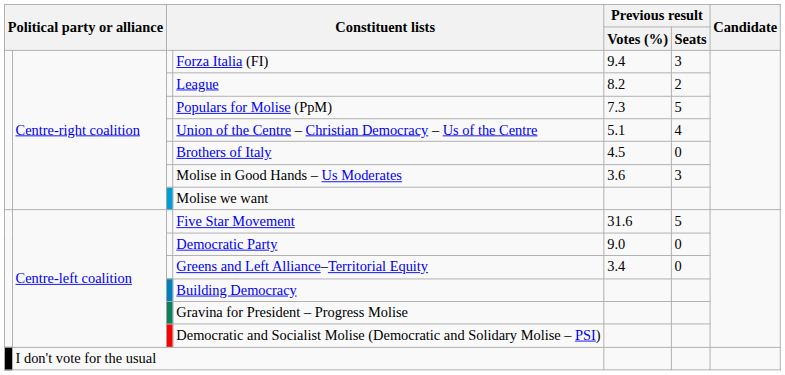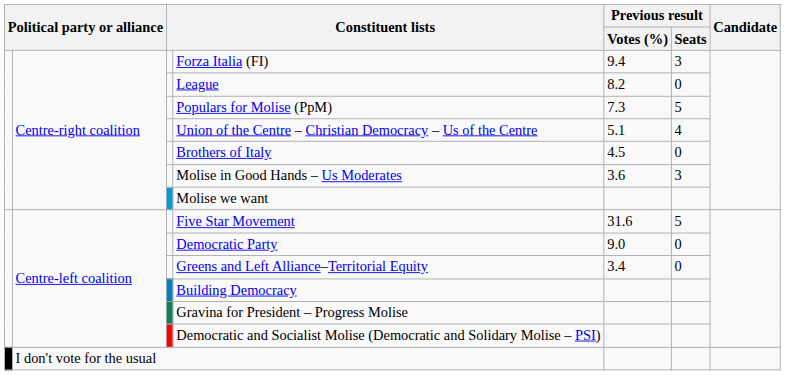 <table class="wikitable" style="text-align:left">
 <tr>
 <th colspan=2 rowspan="2">Political party or alliance</th>
 <th colspan=2 rowspan="2">Constituent lists</th>
 <th colspan="2">Previous result</th>
 <th colspan="2" rowspan="2">Candidate</th>
 </tr>
 <tr>
 <th>Votes (%)</th>
 <th>Seats</th>
 </tr>
 <tr>
 <td rowspan="7" style="background:"></td>
 <td rowspan=7><a href='#'>Centre-right coalition</a></td>
 <td></td>
 <td style="text-align:left;"><a href='#'>Forza Italia</a> (FI)</td>
 <td>9.4</td>
 <td>3</td>
 <td rowspan="7"></td>
 </tr>
 <tr>
 <td></td>
 <td style="text-align:left;"><a href='#'>League</a></td>
 <td>8.2</td>
-<td>2</td>
+<td>0</td>
 </tr>
 <tr>
 <td></td>
 <td style="text-align:left;"><a href='#'>Populars for Molise</a> (PpM)</td>
 <td>7.3</td>
 <td>5</td>
 </tr>
 <tr>
 <td></td>
 <td style="text-align:left;"><a href='#'>Union of the Centre</a> – <a href='#'>Christian Democracy</a> – <a href='#'>Us of the Centre</a></td>
 <td>5.1</td>
 <td>4</td>
 </tr>
 <tr>
 <td></td>
 <td style="text-align:left;"><a href='#'>Brothers of Italy</a></td>
 <td>4.5</td>
 <td>0</td>
 </tr>
 <tr>
 <td></td>
 <td style="text-align:left;">Molise in Good Hands – <a href='#'>Us Moderates</a></td>
 <td>3.6</td>
 <td>3</td>
 </tr>
 <tr>
 <td bgcolor="#009ed2"></td>
 <td style="text-align:left;">Molise we want</td>
 <td></td>
 <td></td>
 </tr>
 <tr>
 <td rowspan="6"></td>
 <td rowspan=6><a href='#'>Centre-left coalition</a></td>
 <td style="background-color:"></td>
 <td><a href='#'>Five Star Movement</a></td>
 <td>31.6</td>
 <td>5</td>
 <td rowspan="6"></td>
 </tr>
 <tr>
 <td></td>
 <td style="text-align:left;"><a href='#'>Democratic Party</a></td>
 <td>9.0</td>
 <td>0</td>
 </tr>
 <tr>
 <td></td>
 <td style="text-align:left;"><a href='#'>Greens and Left Alliance</a>–<a href='#'>Territorial Equity</a></td>
 <td>3.4</td>
 <td>0</td>
 </tr>
 <tr>
 <td bgcolor="#0080bc"></td>
 <td style="text-align:left;"><a href='#'>Building Democracy</a></td>
 <td></td>
 <td></td>
 </tr>
 <tr>
 <td bgcolor="#0f7e5d"></td>
 <td style="text-align:left;">Gravina for President – Progress Molise</td>
 <td></td>
 <td></td>
 </tr>
 <tr>
 <td bgcolor="red"></td>
 <td style="text-align:left;">Democratic and Socialist Molise (Democratic and Solidary Molise – <a href='#'>PSI</a>)</td>
 <td></td>
 <td></td>
 </tr>
 <tr>
 <td style="background:black;"></td>
 <td colspan=3 style="text-align:left;">I don't vote for the usual</td>
 <td></td>
 <td></td>
 <td></td>
 </tr>
 </table>
